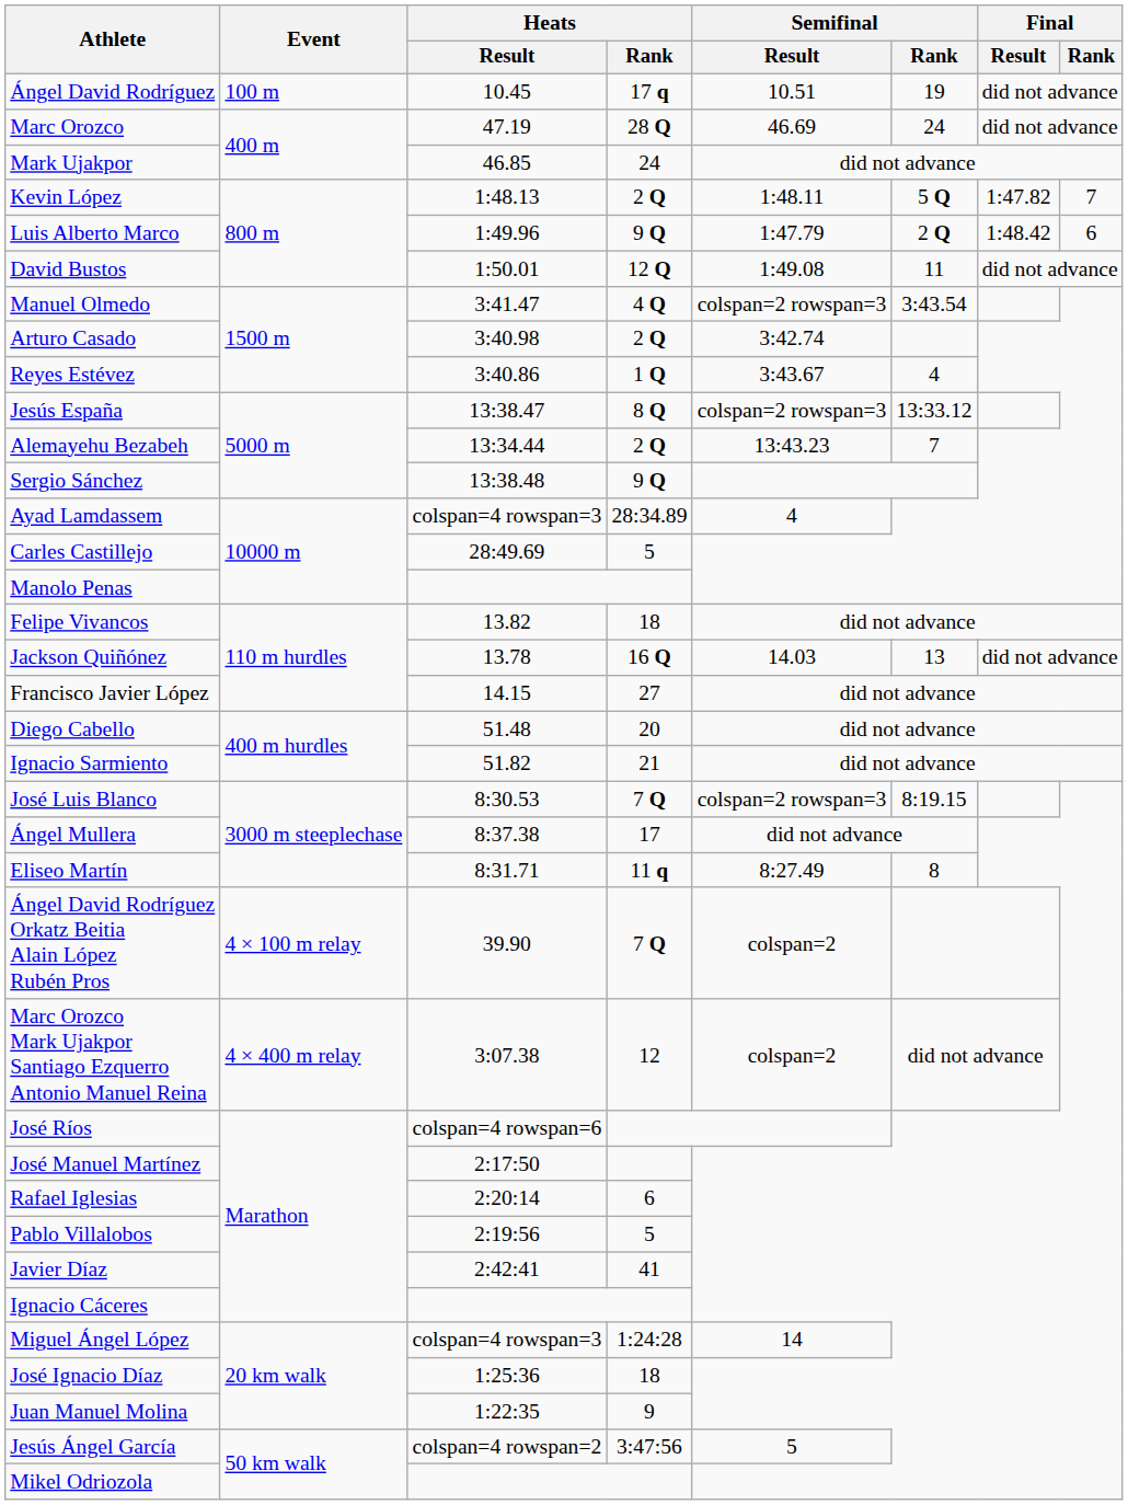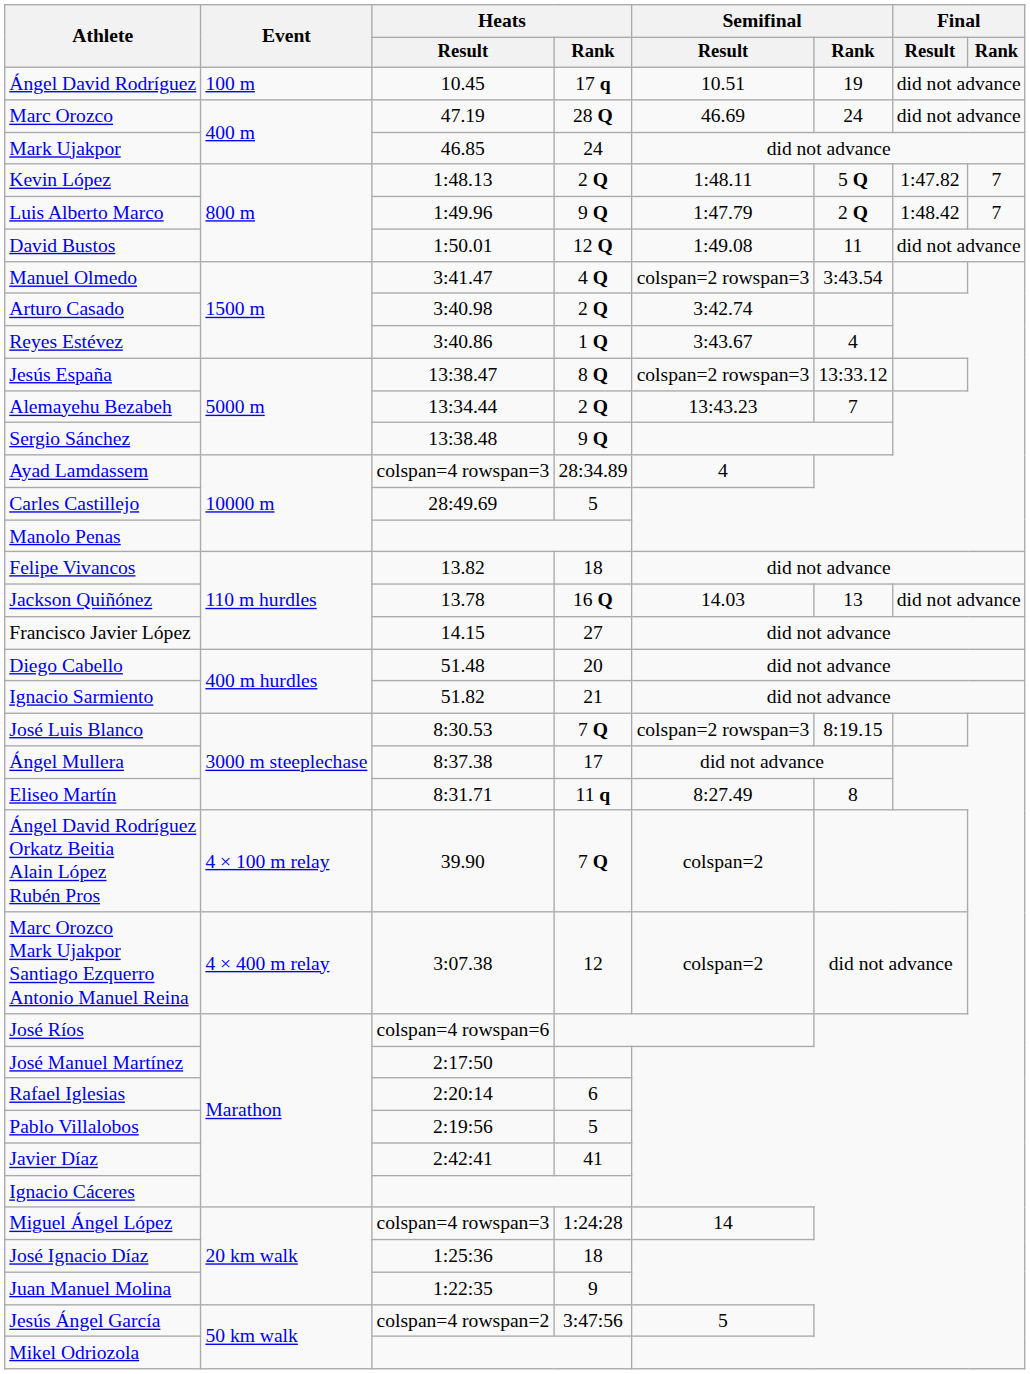 <table class="wikitable" style="font-size:90%">
 <tr>
 <th rowspan="2">Athlete</th>
 <th rowspan="2">Event</th>
 <th colspan="2">Heats</th>
 <th colspan="2">Semifinal</th>
 <th colspan="2">Final</th>
 </tr>
 <tr style="font-size:95%">
 <th>Result</th>
 <th>Rank</th>
 <th>Result</th>
 <th>Rank</th>
 <th>Result</th>
 <th>Rank</th>
 </tr>
 <tr align=center>
 <td align=left><a href='#'>Ángel David Rodríguez</a></td>
 <td align=left><a href='#'>100 m</a></td>
 <td>10.45</td>
 <td>17 <strong>q</strong></td>
 <td>10.51</td>
 <td>19</td>
 <td colspan=2>did not advance</td>
 </tr>
 <tr align=center>
 <td align=left><a href='#'>Marc Orozco</a></td>
 <td align=left rowspan=2><a href='#'>400 m</a></td>
 <td>47.19</td>
 <td>28 <strong>Q</strong></td>
 <td>46.69</td>
 <td>24</td>
 <td colspan=2>did not advance</td>
 </tr>
 <tr align=center>
 <td align=left><a href='#'>Mark Ujakpor</a></td>
 <td>46.85 <strong></strong></td>
 <td>24</td>
 <td colspan="4">did not advance</td>
 </tr>
 <tr align=center>
 <td align=left><a href='#'>Kevin López</a></td>
 <td align=left rowspan=3><a href='#'>800 m</a></td>
 <td>1:48.13</td>
 <td>2 <strong>Q</strong></td>
 <td>1:48.11</td>
 <td>5 <strong>Q</strong></td>
 <td>1:47.82</td>
 <td>7</td>
 </tr>
 <tr align=center>
 <td align=left><a href='#'>Luis Alberto Marco</a></td>
 <td>1:49.96</td>
 <td>9 <strong>Q</strong></td>
 <td>1:47.79</td>
 <td>2 <strong>Q</strong></td>
 <td>1:48.42</td>
-<td>6</td>
+<td>7</td>
 </tr>
 <tr align=center>
 <td align=left><a href='#'>David Bustos</a></td>
 <td>1:50.01</td>
 <td>12 <strong>Q</strong></td>
 <td>1:49.08</td>
 <td>11</td>
 <td colspan=2>did not advance</td>
 </tr>
 <tr align=center>
 <td align=left><a href='#'>Manuel Olmedo</a></td>
 <td align=left rowspan=3><a href='#'>1500 m</a></td>
 <td>3:41.47</td>
 <td>4 <strong>Q</strong></td>
 <td>colspan=2 rowspan=3 </td>
 <td>3:43.54</td>
 <td></td>
 </tr>
 <tr align=center>
 <td align=left><a href='#'>Arturo Casado</a></td>
 <td>3:40.98</td>
 <td>2 <strong>Q</strong></td>
 <td>3:42.74</td>
 <td></td>
 </tr>
 <tr align=center>
 <td align=left><a href='#'>Reyes Estévez</a></td>
 <td>3:40.86</td>
 <td>1 <strong>Q</strong></td>
 <td>3:43.67</td>
 <td>4</td>
 </tr>
 <tr align=center>
 <td align=left><a href='#'>Jesús España</a></td>
 <td align=left rowspan=3><a href='#'>5000 m</a></td>
 <td>13:38.47</td>
 <td>8 <strong>Q</strong></td>
 <td>colspan=2 rowspan=3 </td>
 <td>13:33.12</td>
 <td></td>
 </tr>
 <tr align=center>
 <td align=left><a href='#'>Alemayehu Bezabeh</a></td>
 <td>13:34.44</td>
 <td>2 <strong>Q</strong></td>
 <td>13:43.23</td>
 <td>7</td>
 </tr>
 <tr align=center>
 <td align=left><a href='#'>Sergio Sánchez</a></td>
 <td>13:38.48</td>
 <td>9 <strong>Q</strong></td>
 <td colspan=2></td>
 </tr>
 <tr align=center>
 <td align=left><a href='#'>Ayad Lamdassem</a></td>
 <td align=left rowspan=3><a href='#'>10000 m</a></td>
 <td>colspan=4 rowspan=3 </td>
 <td>28:34.89</td>
 <td>4</td>
 </tr>
 <tr align=center>
 <td align=left><a href='#'>Carles Castillejo</a></td>
 <td>28:49.69 <strong></strong></td>
 <td>5</td>
 </tr>
 <tr align=center>
 <td align=left><a href='#'>Manolo Penas</a></td>
 <td colspan=2></td>
 </tr>
 <tr align=center>
 <td align=left><a href='#'>Felipe Vivancos</a></td>
 <td align=left rowspan=3><a href='#'>110 m hurdles</a></td>
 <td>13.82</td>
 <td>18</td>
 <td colspan=4>did not advance</td>
 </tr>
 <tr align=center>
 <td align=left><a href='#'>Jackson Quiñónez</a></td>
 <td>13.78</td>
 <td>16 <strong>Q</strong></td>
 <td>14.03</td>
 <td>13</td>
 <td colspan=2>did not advance</td>
 </tr>
 <tr align=center>
 <td align=left>Francisco Javier López</td>
 <td>14.15</td>
 <td>27</td>
 <td colspan=4>did not advance</td>
 </tr>
 <tr align=center>
 <td align=left><a href='#'>Diego Cabello</a></td>
 <td align=left rowspan=2><a href='#'>400 m hurdles</a></td>
 <td>51.48</td>
 <td>20</td>
 <td colspan=4>did not advance</td>
 </tr>
 <tr align=center>
 <td align=left><a href='#'>Ignacio Sarmiento</a></td>
 <td>51.82</td>
 <td>21</td>
 <td colspan=4>did not advance</td>
 </tr>
 <tr align=center>
 <td align=left><a href='#'>José Luis Blanco</a></td>
 <td align=left rowspan=3><a href='#'>3000 m steeplechase</a></td>
 <td>8:30.53</td>
 <td>7 <strong>Q</strong></td>
 <td>colspan=2 rowspan=3 </td>
 <td>8:19.15 <strong></strong></td>
 <td></td>
 </tr>
 <tr align=center>
 <td align=left><a href='#'>Ángel Mullera</a></td>
 <td>8:37.38</td>
 <td>17</td>
 <td colspan=2>did not advance</td>
 </tr>
 <tr align=center>
 <td align=left><a href='#'>Eliseo Martín</a></td>
 <td>8:31.71</td>
 <td>11 <strong>q</strong></td>
 <td>8:27.49</td>
 <td>8</td>
 </tr>
 <tr align=center>
 <td align=left><a href='#'>Ángel David Rodríguez</a><br><a href='#'>Orkatz Beitia</a><br><a href='#'>Alain López</a><br><a href='#'>Rubén Pros</a></td>
 <td align=left><a href='#'>4 × 100 m relay</a></td>
 <td>39.90</td>
 <td>7 <strong>Q</strong></td>
 <td>colspan=2 </td>
 <td colspan=2></td>
 </tr>
 <tr align=center>
 <td align=left><a href='#'>Marc Orozco</a><br><a href='#'>Mark Ujakpor</a><br><a href='#'>Santiago Ezquerro</a><br><a href='#'>Antonio Manuel Reina</a></td>
 <td align=left><a href='#'>4 × 400 m relay</a></td>
 <td>3:07.38</td>
 <td>12</td>
 <td>colspan=2 </td>
 <td colspan=2>did not advance</td>
 </tr>
 <tr align=center>
 <td align=left><a href='#'>José Ríos</a></td>
 <td align=left rowspan=6><a href='#'>Marathon</a></td>
 <td>colspan=4 rowspan=6 </td>
 <td colspan=2></td>
 </tr>
 <tr align=center>
 <td align=left><a href='#'>José Manuel Martínez</a></td>
 <td>2:17:50</td>
 <td></td>
 </tr>
 <tr align=center>
 <td align=left><a href='#'>Rafael Iglesias</a></td>
 <td>2:20:14</td>
 <td>6</td>
 </tr>
 <tr align=center>
 <td align=left><a href='#'>Pablo Villalobos</a></td>
 <td>2:19:56</td>
 <td>5</td>
 </tr>
 <tr align=center>
 <td align=left><a href='#'>Javier Díaz</a></td>
 <td>2:42:41</td>
 <td>41</td>
 </tr>
 <tr align=center>
 <td align=left><a href='#'>Ignacio Cáceres</a></td>
 <td colspan=2></td>
 </tr>
 <tr align=center>
 <td align=left><a href='#'>Miguel Ángel López</a></td>
 <td align=left rowspan=3><a href='#'>20 km walk</a></td>
 <td>colspan=4 rowspan=3 </td>
 <td>1:24:28</td>
 <td>14</td>
 </tr>
 <tr align=center>
 <td align=left><a href='#'>José Ignacio Díaz</a></td>
 <td>1:25:36</td>
 <td>18</td>
 </tr>
 <tr align=center>
 <td align=left><a href='#'>Juan Manuel Molina</a></td>
 <td>1:22:35</td>
 <td>9</td>
 </tr>
 <tr align=center>
 <td align=left><a href='#'>Jesús Ángel García</a></td>
 <td align=left rowspan=2><a href='#'>50 km walk</a></td>
 <td>colspan=4 rowspan=2 </td>
 <td>3:47:56 <strong></strong></td>
 <td>5</td>
 </tr>
 <tr align=center>
 <td align=left><a href='#'>Mikel Odriozola</a></td>
 <td colspan=2></td>
 </tr>
 </table>
